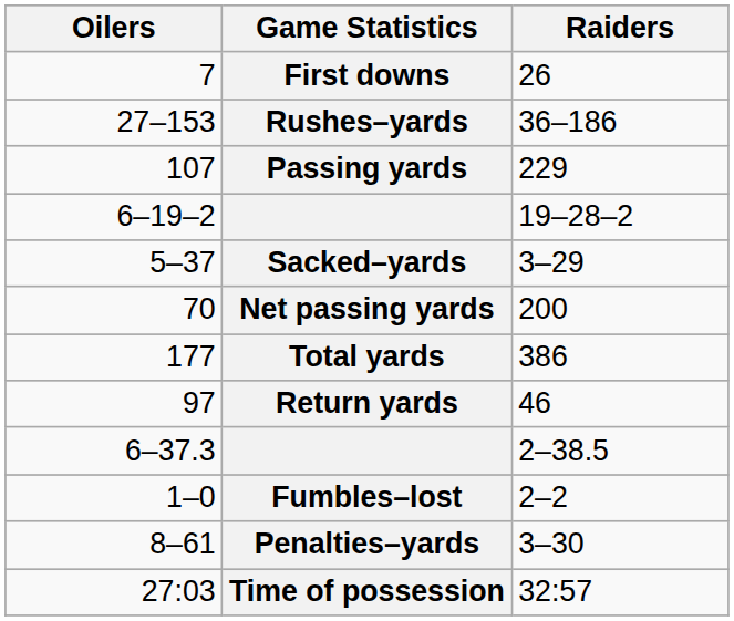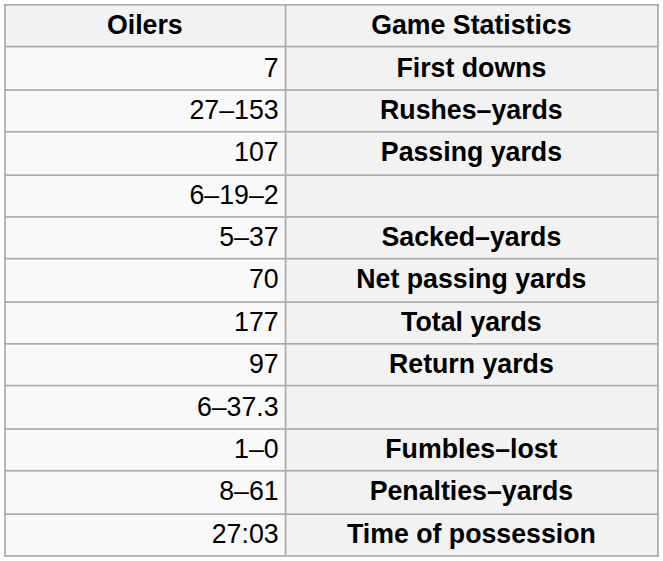 <table class="wikitable" style="margin: 1em auto 1em auto">
 <tr>
 <th style="width:30%;">Oilers</th>
 <th style="width:40%;">Game Statistics</th>
-<th style="width:30%;">Raiders</th>
 </tr>
 <tr>
 <td style="text-align:right;">7</td>
 <th>First downs</th>
-<td>26</td>
 </tr>
 <tr>
 <td style="text-align:right;">27–153</td>
 <th>Rushes–yards</th>
-<td>36–186</td>
 </tr>
 <tr>
 <td style="text-align:right;">107</td>
 <th>Passing yards</th>
-<td>229</td>
 </tr>
 <tr>
 <td style="text-align:right;">6–19–2</td>
 <th></th>
-<td>19–28–2</td>
 </tr>
 <tr>
 <td style="text-align:right;">5–37</td>
 <th>Sacked–yards</th>
-<td>3–29</td>
 </tr>
 <tr>
 <td style="text-align:right;">70</td>
 <th>Net passing yards</th>
-<td>200</td>
 </tr>
 <tr>
 <td style="text-align:right;">177</td>
 <th>Total yards</th>
-<td>386</td>
 </tr>
 <tr>
 <td style="text-align:right;">97</td>
 <th>Return yards</th>
-<td>46</td>
 </tr>
 <tr>
 <td style="text-align:right;">6–37.3</td>
 <th></th>
-<td>2–38.5</td>
 </tr>
 <tr>
 <td style="text-align:right;">1–0</td>
 <th>Fumbles–lost</th>
-<td>2–2</td>
 </tr>
 <tr>
 <td style="text-align:right;">8–61</td>
 <th>Penalties–yards</th>
-<td>3–30</td>
 </tr>
 <tr>
 <td style="text-align:right;">27:03</td>
 <th>Time of possession</th>
-<td>32:57</td>
 </tr>
 </table>
